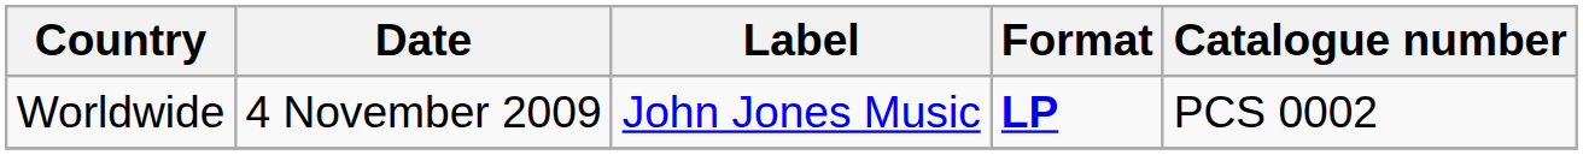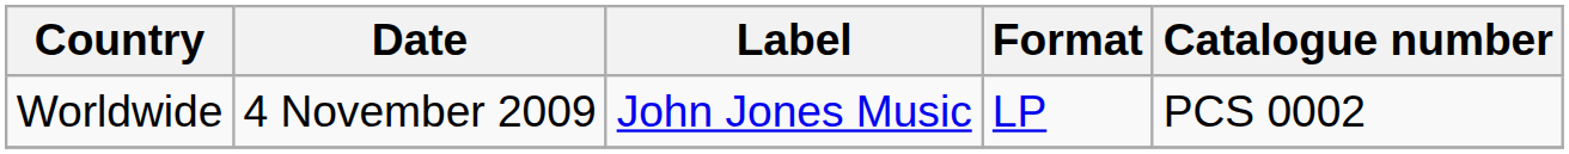 <table class="wikitable">
 <tr>
 <th>Country</th>
 <th>Date</th>
 <th>Label</th>
 <th>Format</th>
 <th>Catalogue number</th>
 </tr>
 <tr>
 <td>Worldwide</td>
 <td>4 November 2009</td>
 <td><a href='#'>John Jones Music</a></td>
-<td><strong><a href='#'>LP</a></strong></td>
+<td><a href='#'>LP</a></td>
 <td>PCS 0002</td>
 </tr>
 <tr>
 </tr>
 </table>
